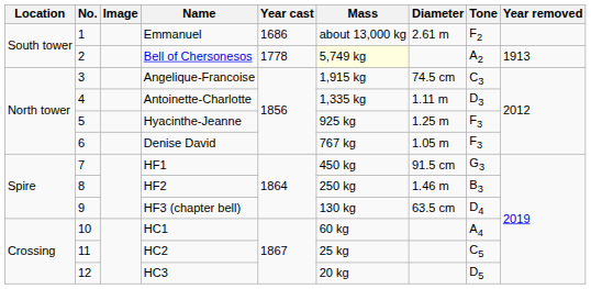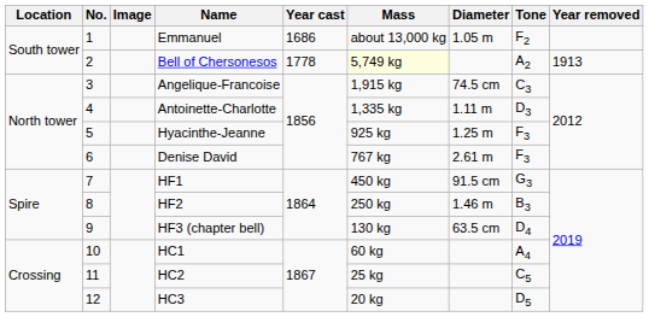 <table class="wikitable">
 <tr>
 <th>Location</th>
 <th>No.</th>
 <th>Image</th>
 <th>Name</th>
 <th>Year cast</th>
 <th>Mass</th>
 <th>Diameter</th>
 <th>Tone</th>
 <th>Year removed</th>
 </tr>
 <tr>
 <td rowspan="2">South tower</td>
 <td>1</td>
 <td></td>
 <td>Emmanuel</td>
 <td>1686</td>
 <td>about 13,000 kg</td>
-<td>2.61 m</td>
+<td>1.05 m</td>
 <td>F<sub>2</sub></td>
 <td></td>
 </tr>
 <tr>
 <td>2</td>
 <td></td>
 <td><a href='#'>Bell of Chersonesos</a></td>
 <td>1778</td>
 <td style="background: lightyellow;">5,749 kg </td>
 <td></td>
 <td>A<sub>2</sub></td>
 <td>1913</td>
 </tr>
 <tr>
 <td rowspan="4">North tower</td>
 <td>3</td>
 <td></td>
 <td>Angelique-Francoise</td>
 <td rowspan="4">1856</td>
 <td>1,915 kg</td>
 <td>74.5 cm</td>
 <td>C<sub>3</sub></td>
 <td rowspan="4">2012</td>
 </tr>
 <tr>
 <td>4</td>
 <td></td>
 <td>Antoinette-Charlotte</td>
 <td>1,335 kg</td>
 <td>1.11 m</td>
 <td>D<sub>3</sub></td>
 </tr>
 <tr>
 <td>5</td>
 <td></td>
 <td>Hyacinthe-Jeanne</td>
 <td>925 kg</td>
 <td>1.25 m</td>
 <td>F<sub>3</sub></td>
 </tr>
 <tr>
 <td>6</td>
 <td></td>
 <td>Denise David</td>
 <td>767 kg</td>
-<td>1.05 m</td>
+<td>2.61 m</td>
 <td>F<sub>3</sub></td>
 </tr>
 <tr>
 <td rowspan="3">Spire</td>
 <td>7</td>
 <td rowspan="3"></td>
 <td>HF1</td>
 <td rowspan="3">1864</td>
 <td>450 kg</td>
 <td>91.5 cm</td>
 <td>G<sub>3</sub></td>
 <td rowspan="6"><a href='#'>2019</a></td>
 </tr>
 <tr>
 <td>8</td>
 <td>HF2</td>
 <td>250 kg</td>
 <td>1.46 m</td>
 <td>B<sub>3</sub></td>
 </tr>
 <tr>
 <td>9</td>
 <td>HF3 (chapter bell)</td>
 <td>130 kg</td>
 <td>63.5 cm</td>
 <td>D<sub>4</sub></td>
 </tr>
 <tr>
 <td rowspan="3">Crossing</td>
 <td>10</td>
 <td rowspan="3"></td>
 <td>HC1</td>
 <td rowspan="3">1867</td>
 <td>60 kg</td>
 <td></td>
 <td>A<sub>4</sub></td>
 </tr>
 <tr>
 <td>11</td>
 <td>HC2</td>
 <td>25 kg</td>
 <td></td>
 <td>C<sub>5</sub></td>
 </tr>
 <tr>
 <td>12</td>
 <td>HC3</td>
 <td>20 kg</td>
 <td></td>
 <td>D<sub>5</sub></td>
 </tr>
 </table>
